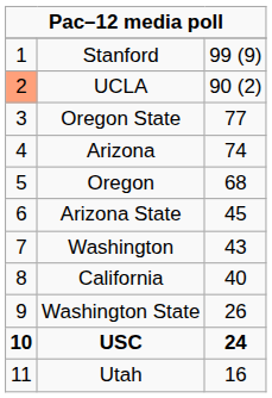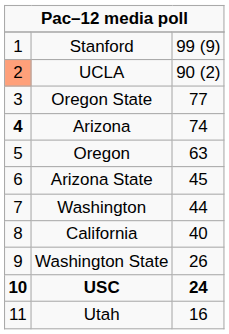 <table class="wikitable" style="display: inline-table;">
 <tr>
 <td align="center" Colspan="3"><strong>Pac–12 media poll</strong></td>
 </tr>
 <tr align="center">
 </tr>
 <tr align="center">
 <td>1</td>
 <td>Stanford</td>
 <td>99 (9)</td>
 </tr>
 <tr align="center">
 <td style="background: lightsalmon;">2</td>
 <td>UCLA</td>
 <td>90 (2)</td>
 </tr>
 <tr align="center">
 <td>3</td>
 <td>Oregon State</td>
 <td>77</td>
 </tr>
 <tr align="center">
-<td>4</td>
+<td><strong>4</strong></td>
 <td>Arizona</td>
 <td>74</td>
 </tr>
 <tr align="center">
 <td>5</td>
 <td>Oregon</td>
-<td>68</td>
+<td>63</td>
 </tr>
 <tr align="center">
 <td>6</td>
 <td>Arizona State</td>
 <td>45</td>
 </tr>
 <tr align="center">
 <td>7</td>
 <td>Washington</td>
-<td>43</td>
+<td>44</td>
 </tr>
 <tr align="center">
 <td>8</td>
 <td>California</td>
 <td>40</td>
 </tr>
 <tr align="center">
 <td>9</td>
 <td>Washington State</td>
 <td>26</td>
 </tr>
 <tr align="center">
 <td><strong>10</strong></td>
 <td><strong>USC</strong></td>
 <td><strong>24</strong></td>
 </tr>
 <tr align="center">
 <td>11</td>
 <td>Utah</td>
 <td>16</td>
 </tr>
 </table>
